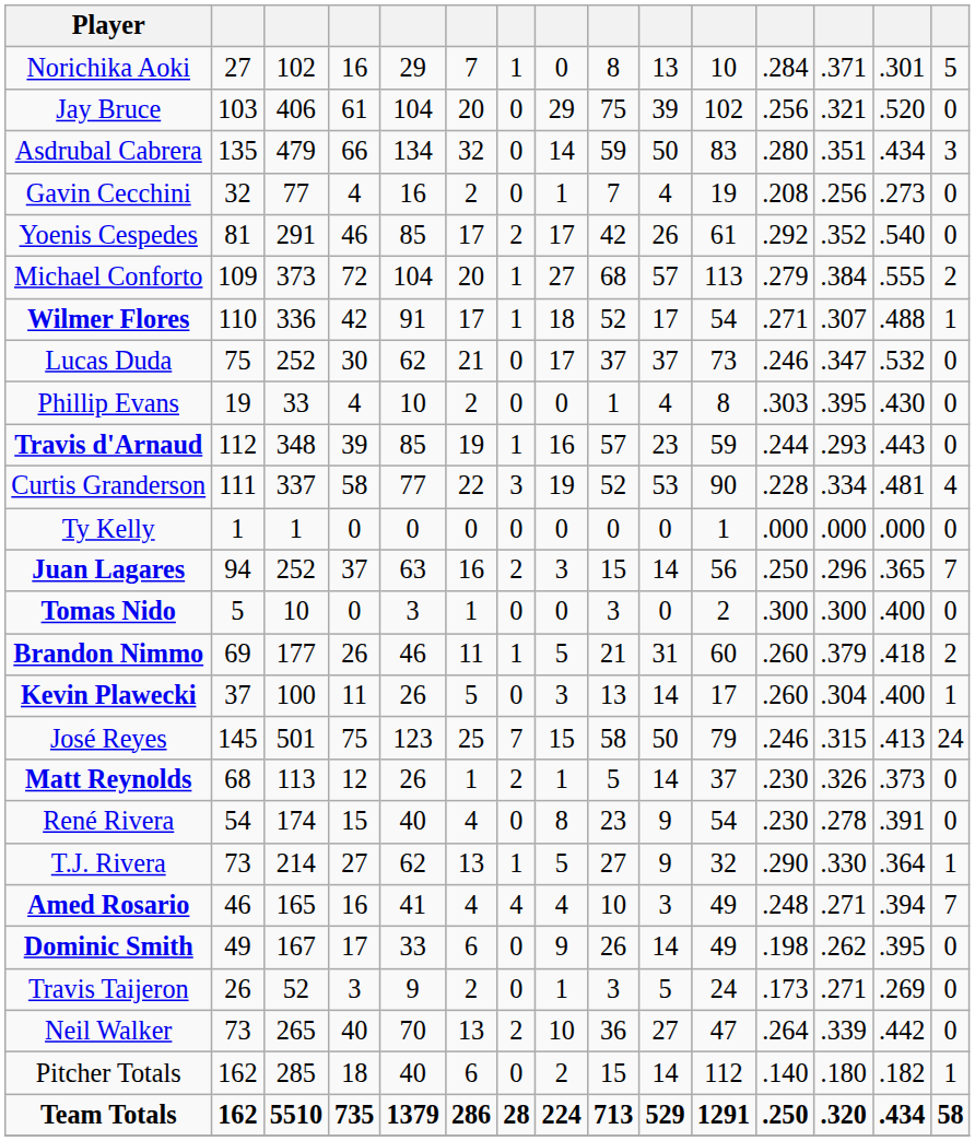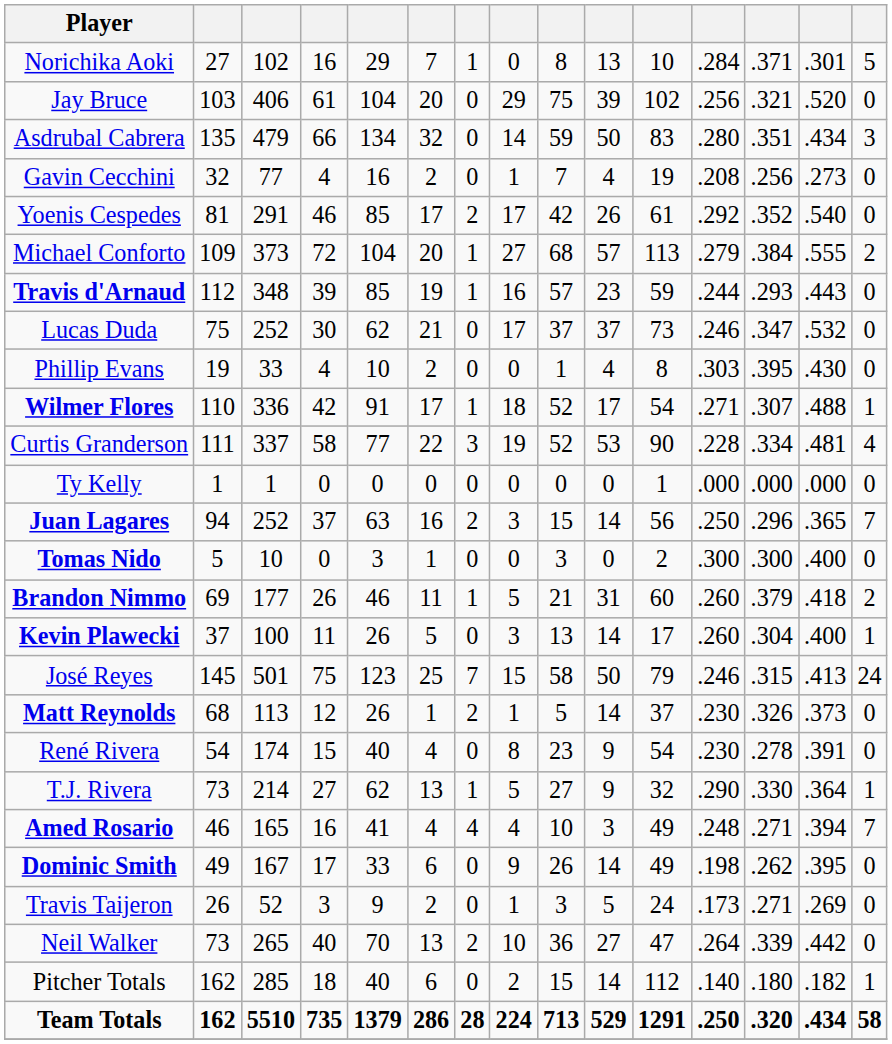 <table class="wikitable sortable" style="text-align:center;">
 <tr>
 <th>Player</th>
 <th></th>
 <th></th>
 <th></th>
 <th></th>
 <th></th>
 <th></th>
 <th></th>
 <th></th>
 <th></th>
 <th></th>
 <th></th>
 <th></th>
 <th></th>
 <th></th>
 </tr>
 <tr>
 <td><a href='#'>Norichika Aoki</a></td>
 <td>27</td>
 <td>102</td>
 <td>16</td>
 <td>29</td>
 <td>7</td>
 <td>1</td>
 <td>0</td>
 <td>8</td>
 <td>13</td>
 <td>10</td>
 <td>.284</td>
 <td>.371</td>
 <td>.301</td>
 <td>5</td>
 </tr>
 <tr>
 <td><a href='#'>Jay Bruce</a></td>
 <td>103</td>
 <td>406</td>
 <td>61</td>
 <td>104</td>
 <td>20</td>
 <td>0</td>
 <td>29</td>
 <td>75</td>
 <td>39</td>
 <td>102</td>
 <td>.256</td>
 <td>.321</td>
 <td>.520</td>
 <td>0</td>
 </tr>
 <tr>
 <td><a href='#'>Asdrubal Cabrera</a></td>
 <td>135</td>
 <td>479</td>
 <td>66</td>
 <td>134</td>
 <td>32</td>
 <td>0</td>
 <td>14</td>
 <td>59</td>
 <td>50</td>
 <td>83</td>
 <td>.280</td>
 <td>.351</td>
 <td>.434</td>
 <td>3</td>
 </tr>
 <tr>
 <td><a href='#'>Gavin Cecchini</a></td>
 <td>32</td>
 <td>77</td>
 <td>4</td>
 <td>16</td>
 <td>2</td>
 <td>0</td>
 <td>1</td>
 <td>7</td>
 <td>4</td>
 <td>19</td>
 <td>.208</td>
 <td>.256</td>
 <td>.273</td>
 <td>0</td>
 </tr>
 <tr>
 <td><a href='#'>Yoenis Cespedes</a></td>
 <td>81</td>
 <td>291</td>
 <td>46</td>
 <td>85</td>
 <td>17</td>
 <td>2</td>
 <td>17</td>
 <td>42</td>
 <td>26</td>
 <td>61</td>
 <td>.292</td>
 <td>.352</td>
 <td>.540</td>
 <td>0</td>
 </tr>
 <tr>
 <td><a href='#'>Michael Conforto</a></td>
 <td>109</td>
 <td>373</td>
 <td>72</td>
 <td>104</td>
 <td>20</td>
 <td>1</td>
 <td>27</td>
 <td>68</td>
 <td>57</td>
 <td>113</td>
 <td>.279</td>
 <td>.384</td>
 <td>.555</td>
 <td>2</td>
 </tr>
 <tr>
-<td><strong><a href='#'>Wilmer Flores</a></strong></td>
-<td>110</td>
-<td>336</td>
-<td>42</td>
-<td>91</td>
-<td>17</td>
+<td><strong><a href='#'>Travis d'Arnaud</a></strong></td>
+<td>112</td>
+<td>348</td>
+<td>39</td>
+<td>85</td>
+<td>19</td>
 <td>1</td>
-<td>18</td>
-<td>52</td>
-<td>17</td>
-<td>54</td>
-<td>.271</td>
-<td>.307</td>
-<td>.488</td>
-<td>1</td>
+<td>16</td>
+<td>57</td>
+<td>23</td>
+<td>59</td>
+<td>.244</td>
+<td>.293</td>
+<td>.443</td>
+<td>0</td>
 </tr>
 <tr>
 <td><a href='#'>Lucas Duda</a></td>
 <td>75</td>
 <td>252</td>
 <td>30</td>
 <td>62</td>
 <td>21</td>
 <td>0</td>
 <td>17</td>
 <td>37</td>
 <td>37</td>
 <td>73</td>
 <td>.246</td>
 <td>.347</td>
 <td>.532</td>
 <td>0</td>
 </tr>
 <tr>
 <td><a href='#'>Phillip Evans</a></td>
 <td>19</td>
 <td>33</td>
 <td>4</td>
 <td>10</td>
 <td>2</td>
 <td>0</td>
 <td>0</td>
 <td>1</td>
 <td>4</td>
 <td>8</td>
 <td>.303</td>
 <td>.395</td>
 <td>.430</td>
 <td>0</td>
 </tr>
 <tr>
-<td><strong><a href='#'>Travis d'Arnaud</a></strong></td>
-<td>112</td>
-<td>348</td>
-<td>39</td>
-<td>85</td>
-<td>19</td>
+<td><strong><a href='#'>Wilmer Flores</a></strong></td>
+<td>110</td>
+<td>336</td>
+<td>42</td>
+<td>91</td>
+<td>17</td>
 <td>1</td>
-<td>16</td>
-<td>57</td>
-<td>23</td>
-<td>59</td>
-<td>.244</td>
-<td>.293</td>
-<td>.443</td>
-<td>0</td>
+<td>18</td>
+<td>52</td>
+<td>17</td>
+<td>54</td>
+<td>.271</td>
+<td>.307</td>
+<td>.488</td>
+<td>1</td>
 </tr>
 <tr>
 <td><a href='#'>Curtis Granderson</a></td>
 <td>111</td>
 <td>337</td>
 <td>58</td>
 <td>77</td>
 <td>22</td>
 <td>3</td>
 <td>19</td>
 <td>52</td>
 <td>53</td>
 <td>90</td>
 <td>.228</td>
 <td>.334</td>
 <td>.481</td>
 <td>4</td>
 </tr>
 <tr>
 <td><a href='#'>Ty Kelly</a></td>
 <td>1</td>
 <td>1</td>
 <td>0</td>
 <td>0</td>
 <td>0</td>
 <td>0</td>
 <td>0</td>
 <td>0</td>
 <td>0</td>
 <td>1</td>
 <td>.000</td>
 <td>.000</td>
 <td>.000</td>
 <td>0</td>
 </tr>
 <tr>
 <td><strong><a href='#'>Juan Lagares</a></strong></td>
 <td>94</td>
 <td>252</td>
 <td>37</td>
 <td>63</td>
 <td>16</td>
 <td>2</td>
 <td>3</td>
 <td>15</td>
 <td>14</td>
 <td>56</td>
 <td>.250</td>
 <td>.296</td>
 <td>.365</td>
 <td>7</td>
 </tr>
 <tr>
 <td><strong><a href='#'>Tomas Nido</a></strong></td>
 <td>5</td>
 <td>10</td>
 <td>0</td>
 <td>3</td>
 <td>1</td>
 <td>0</td>
 <td>0</td>
 <td>3</td>
 <td>0</td>
 <td>2</td>
 <td>.300</td>
 <td>.300</td>
 <td>.400</td>
 <td>0</td>
 </tr>
 <tr>
 <td><strong><a href='#'>Brandon Nimmo</a></strong></td>
 <td>69</td>
 <td>177</td>
 <td>26</td>
 <td>46</td>
 <td>11</td>
 <td>1</td>
 <td>5</td>
 <td>21</td>
 <td>31</td>
 <td>60</td>
 <td>.260</td>
 <td>.379</td>
 <td>.418</td>
 <td>2</td>
 </tr>
 <tr>
 <td><strong><a href='#'>Kevin Plawecki</a></strong></td>
 <td>37</td>
 <td>100</td>
 <td>11</td>
 <td>26</td>
 <td>5</td>
 <td>0</td>
 <td>3</td>
 <td>13</td>
 <td>14</td>
 <td>17</td>
 <td>.260</td>
 <td>.304</td>
 <td>.400</td>
 <td>1</td>
 </tr>
 <tr>
 <td><a href='#'>José Reyes</a></td>
 <td>145</td>
 <td>501</td>
 <td>75</td>
 <td>123</td>
 <td>25</td>
 <td>7</td>
 <td>15</td>
 <td>58</td>
 <td>50</td>
 <td>79</td>
 <td>.246</td>
 <td>.315</td>
 <td>.413</td>
 <td>24</td>
 </tr>
 <tr>
 <td><strong><a href='#'>Matt Reynolds</a></strong></td>
 <td>68</td>
 <td>113</td>
 <td>12</td>
 <td>26</td>
 <td>1</td>
 <td>2</td>
 <td>1</td>
 <td>5</td>
 <td>14</td>
 <td>37</td>
 <td>.230</td>
 <td>.326</td>
 <td>.373</td>
 <td>0</td>
 </tr>
 <tr>
 <td><a href='#'>René Rivera</a></td>
 <td>54</td>
 <td>174</td>
 <td>15</td>
 <td>40</td>
 <td>4</td>
 <td>0</td>
 <td>8</td>
 <td>23</td>
 <td>9</td>
 <td>54</td>
 <td>.230</td>
 <td>.278</td>
 <td>.391</td>
 <td>0</td>
 </tr>
 <tr>
 <td><a href='#'>T.J. Rivera</a></td>
 <td>73</td>
 <td>214</td>
 <td>27</td>
 <td>62</td>
 <td>13</td>
 <td>1</td>
 <td>5</td>
 <td>27</td>
 <td>9</td>
 <td>32</td>
 <td>.290</td>
 <td>.330</td>
 <td>.364</td>
 <td>1</td>
 </tr>
 <tr>
 <td><strong><a href='#'>Amed Rosario</a></strong></td>
 <td>46</td>
 <td>165</td>
 <td>16</td>
 <td>41</td>
 <td>4</td>
 <td>4</td>
 <td>4</td>
 <td>10</td>
 <td>3</td>
 <td>49</td>
 <td>.248</td>
 <td>.271</td>
 <td>.394</td>
 <td>7</td>
 </tr>
 <tr>
 <td><strong><a href='#'>Dominic Smith</a></strong></td>
 <td>49</td>
 <td>167</td>
 <td>17</td>
 <td>33</td>
 <td>6</td>
 <td>0</td>
 <td>9</td>
 <td>26</td>
 <td>14</td>
 <td>49</td>
 <td>.198</td>
 <td>.262</td>
 <td>.395</td>
 <td>0</td>
 </tr>
 <tr>
 <td><a href='#'>Travis Taijeron</a></td>
 <td>26</td>
 <td>52</td>
 <td>3</td>
 <td>9</td>
 <td>2</td>
 <td>0</td>
 <td>1</td>
 <td>3</td>
 <td>5</td>
 <td>24</td>
 <td>.173</td>
 <td>.271</td>
 <td>.269</td>
 <td>0</td>
 </tr>
 <tr>
 <td><a href='#'>Neil Walker</a></td>
 <td>73</td>
 <td>265</td>
 <td>40</td>
 <td>70</td>
 <td>13</td>
 <td>2</td>
 <td>10</td>
 <td>36</td>
 <td>27</td>
 <td>47</td>
 <td>.264</td>
 <td>.339</td>
 <td>.442</td>
 <td>0</td>
 </tr>
 <tr>
 <td>Pitcher Totals</td>
 <td>162</td>
 <td>285</td>
 <td>18</td>
 <td>40</td>
 <td>6</td>
 <td>0</td>
 <td>2</td>
 <td>15</td>
 <td>14</td>
 <td>112</td>
 <td>.140</td>
 <td>.180</td>
 <td>.182</td>
 <td>1</td>
 </tr>
 <tr>
 <td><strong>Team Totals</strong></td>
 <td><strong>162</strong></td>
 <td><strong>5510</strong></td>
 <td><strong>735</strong></td>
 <td><strong>1379</strong></td>
 <td><strong>286</strong></td>
 <td><strong>28</strong></td>
 <td><strong>224</strong></td>
 <td><strong>713</strong></td>
 <td><strong>529</strong></td>
 <td><strong>1291</strong></td>
 <td><strong>.250</strong></td>
 <td><strong>.320</strong></td>
 <td><strong>.434</strong></td>
 <td><strong>58</strong></td>
 </tr>
 <tr class="sortbottom|}">
 </tr>
 </table>
